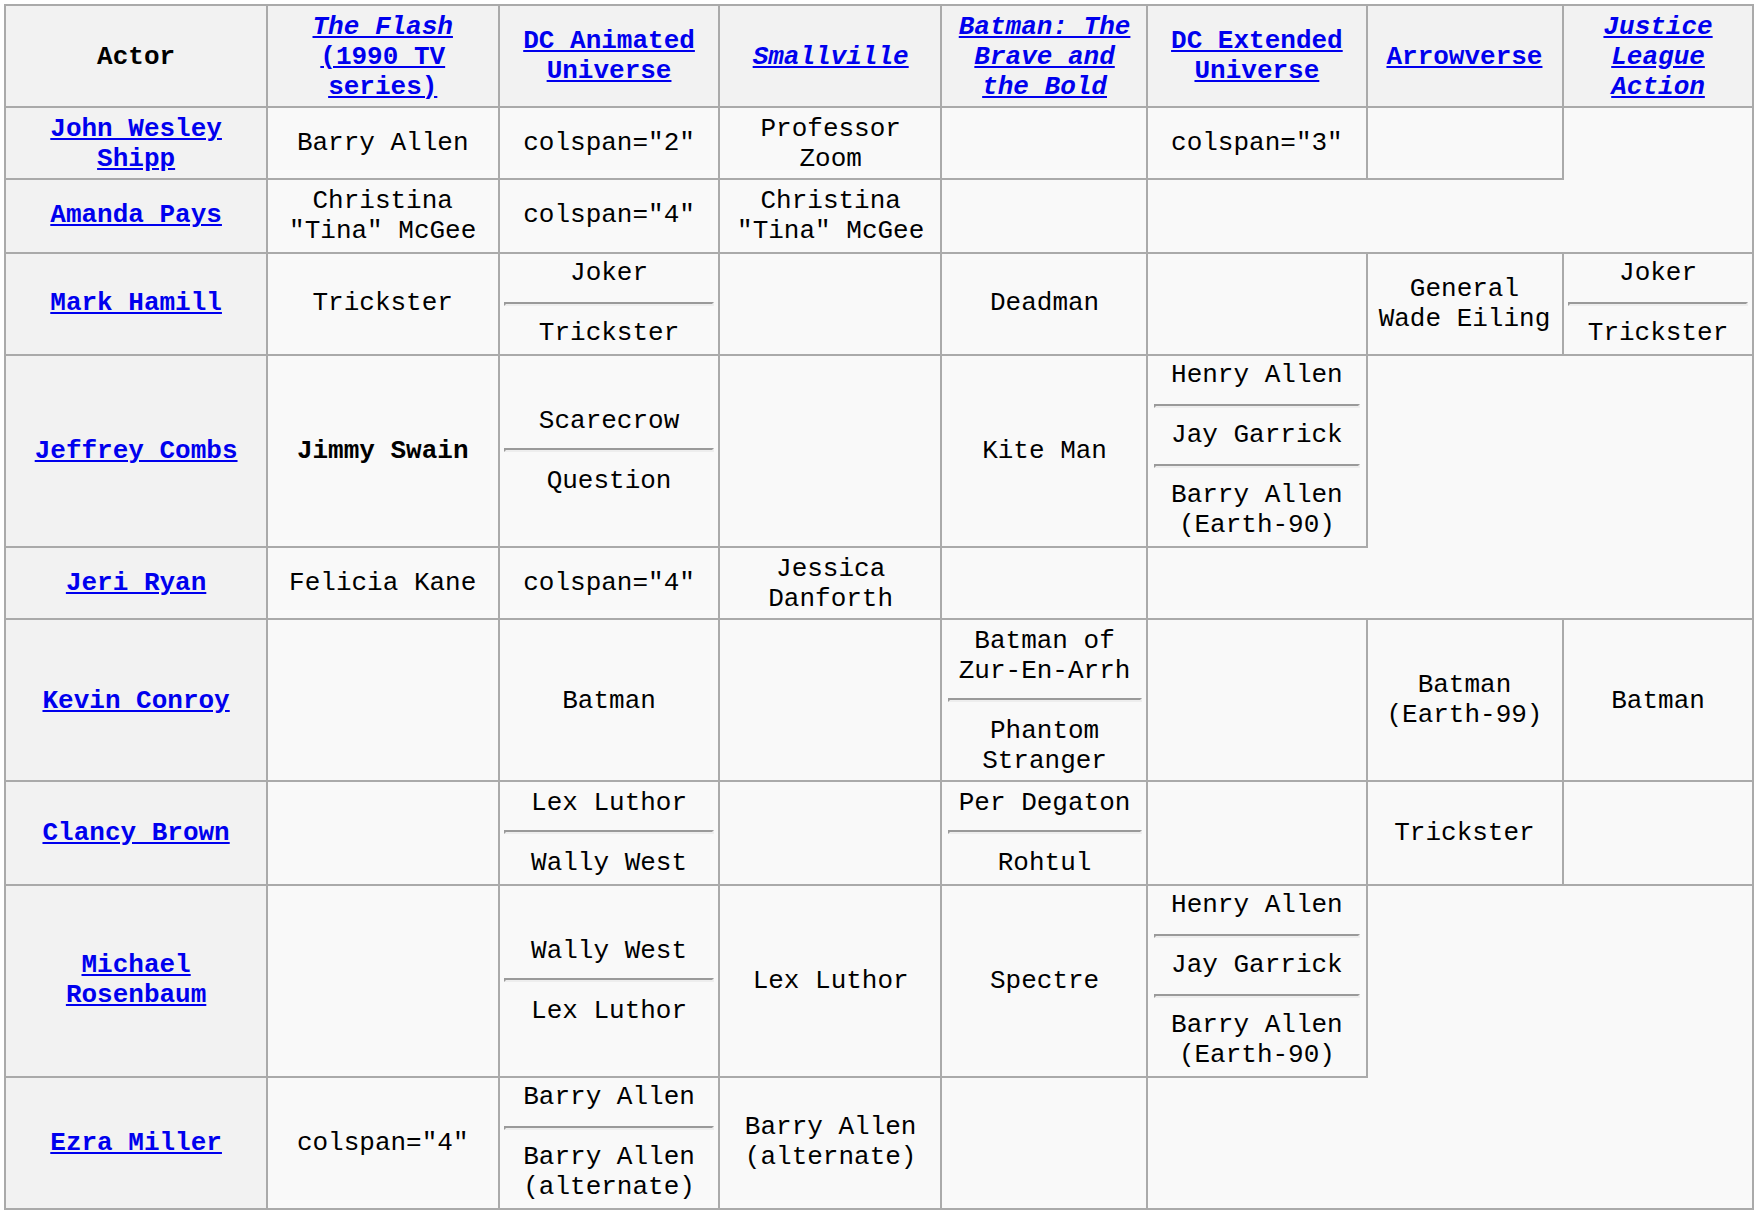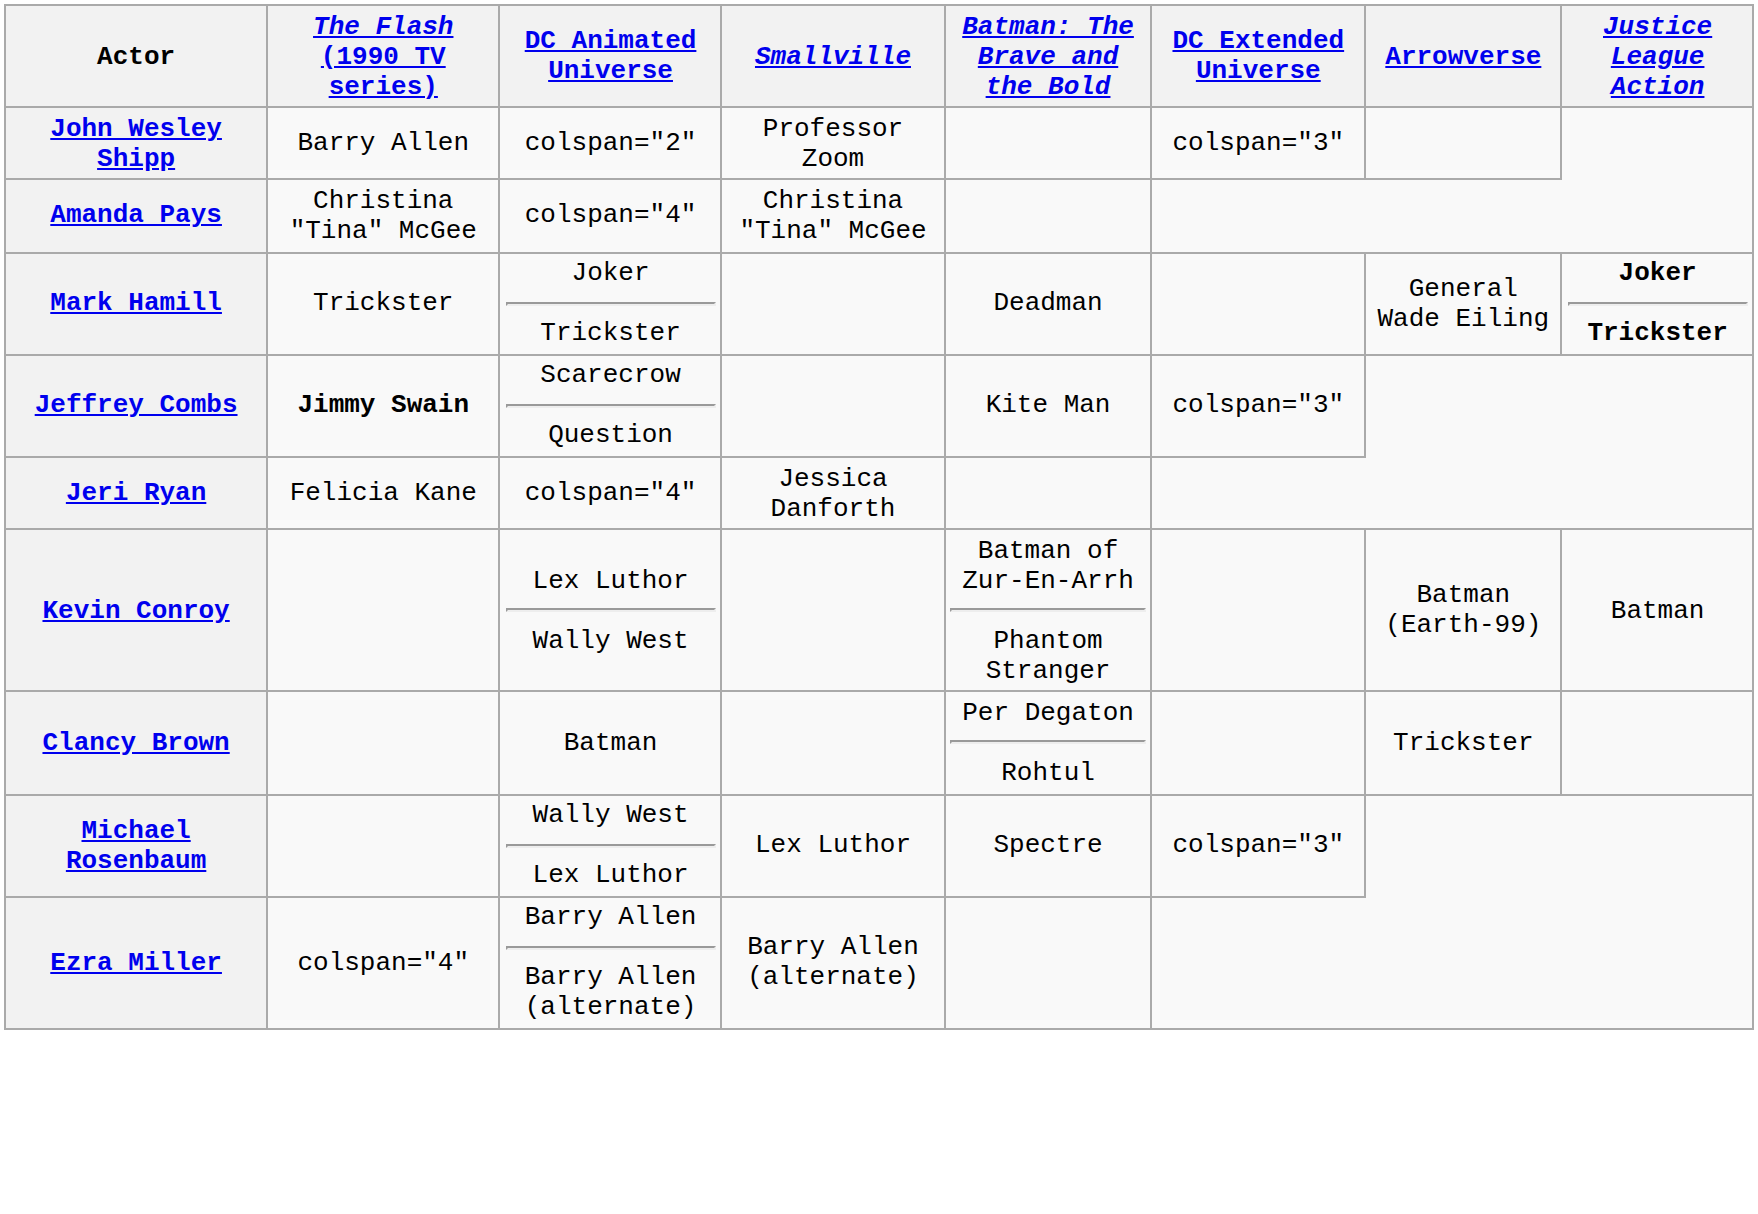 <table class="wikitable" style="text-align:center; width:99%;">
 <tr>
 <th style="width:15%;">Actor</th>
 <th><a href='#'><em>The Flash</em> (1990 TV series)</a></th>
 <th><a href='#'>DC Animated Universe</a></th>
 <th><em><a href='#'>Smallville</a></em></th>
 <th><em><a href='#'>Batman: The Brave and the Bold</a></em></th>
 <th><a href='#'>DC Extended Universe</a></th>
 <th><a href='#'>Arrowverse</a></th>
 <th><em><a href='#'>Justice League Action</a></em></th>
 </tr>
 <tr>
 <th><a href='#'>John Wesley Shipp</a></th>
 <td>Barry Allen</td>
 <td>colspan="2" </td>
 <td>Professor Zoom</td>
 <td></td>
 <td>colspan="3" </td>
 <td></td>
 </tr>
 <tr>
 <th><a href='#'>Amanda Pays</a></th>
 <td>Christina "Tina" McGee</td>
 <td>colspan="4" </td>
 <td>Christina "Tina" McGee</td>
 <td></td>
 </tr>
 <tr>
 <th><a href='#'>Mark Hamill</a></th>
 <td>Trickster</td>
 <td>Joker<hr>Trickster</td>
 <td></td>
 <td>Deadman</td>
 <td></td>
 <td>General Wade Eiling</td>
-<td>Joker<hr>Trickster</td>
+<td><strong>Joker<hr>Trickster</strong></td>
 </tr>
 <tr>
 <th><a href='#'>Jeffrey Combs</a></th>
 <td><strong>Jimmy Swain</strong></td>
 <td>Scarecrow<hr>Question</td>
 <td></td>
 <td>Kite Man</td>
-<td>Henry Allen<hr>Jay Garrick<hr>Barry Allen (Earth-90)</td>
+<td>colspan="3" </td>
 </tr>
 <tr>
 <th><a href='#'>Jeri Ryan</a></th>
 <td>Felicia Kane</td>
 <td>colspan="4" </td>
 <td>Jessica Danforth</td>
 <td></td>
 </tr>
 <tr>
 <th><a href='#'>Kevin Conroy</a></th>
 <td></td>
-<td>Batman</td>
+<td>Lex Luthor<hr>Wally West</td>
 <td></td>
 <td>Batman of Zur-En-Arrh<hr>Phantom Stranger</td>
 <td></td>
 <td>Batman (Earth-99)</td>
 <td>Batman</td>
 </tr>
 <tr>
 <th><a href='#'>Clancy Brown</a></th>
 <td></td>
-<td>Lex Luthor<hr>Wally West</td>
+<td>Batman</td>
 <td></td>
 <td>Per Degaton<hr>Rohtul</td>
 <td></td>
 <td>Trickster</td>
 <td></td>
 </tr>
 <tr>
 <th><a href='#'>Michael Rosenbaum</a></th>
 <td></td>
 <td>Wally West<hr>Lex Luthor</td>
 <td>Lex Luthor</td>
 <td>Spectre</td>
-<td>Henry Allen<hr>Jay Garrick<hr>Barry Allen (Earth-90)</td>
+<td>colspan="3" </td>
 </tr>
 <tr>
 <th><a href='#'>Ezra Miller</a></th>
 <td>colspan="4" </td>
 <td>Barry Allen<hr>Barry Allen (alternate)</td>
 <td>Barry Allen (alternate)</td>
 <td></td>
 </tr>
 </table>
